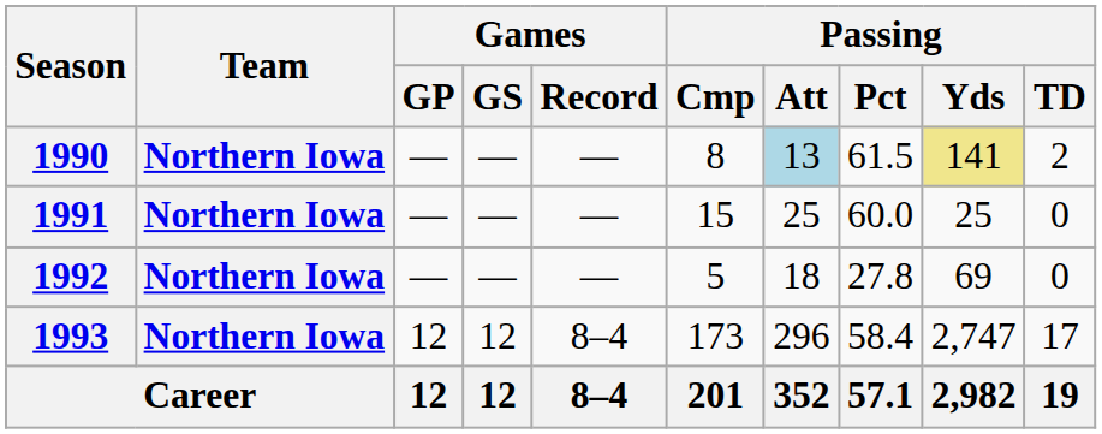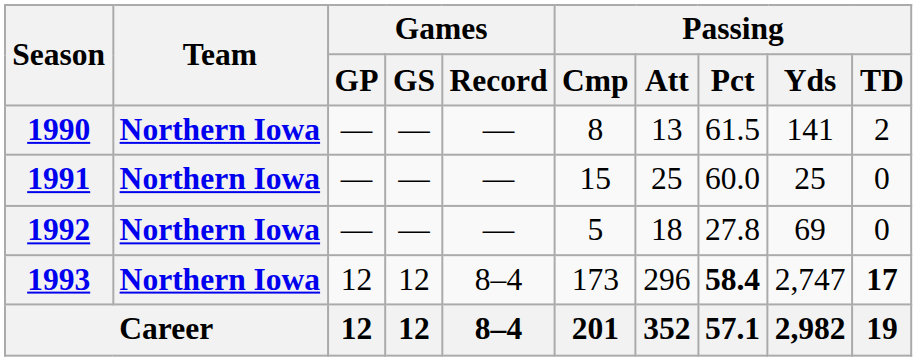 <table class="wikitable" style="text-align:center;">
 <tr>
 <th rowspan="2">Season</th>
 <th rowspan="2">Team</th>
 <th colspan="3">Games</th>
 <th colspan="5">Passing</th>
 </tr>
 <tr>
 <th>GP</th>
 <th>GS</th>
 <th>Record</th>
 <th>Cmp</th>
 <th>Att</th>
 <th>Pct</th>
 <th>Yds</th>
 <th>TD</th>
 </tr>
 <tr>
 <th><a href='#'>1990</a></th>
 <th><a href='#'>Northern Iowa</a></th>
 <td>—</td>
 <td>—</td>
 <td>—</td>
 <td>8</td>
-<td style="background: lightblue;">13</td>
+<td>13</td>
 <td>61.5</td>
-<td style="background: khaki;">141</td>
+<td>141</td>
 <td>2</td>
 </tr>
 <tr>
 <th><a href='#'>1991</a></th>
 <th><a href='#'>Northern Iowa</a></th>
 <td>—</td>
 <td>—</td>
 <td>—</td>
 <td>15</td>
 <td>25</td>
 <td>60.0</td>
 <td>25</td>
 <td>0</td>
 </tr>
 <tr>
 <th><a href='#'>1992</a></th>
 <th><a href='#'>Northern Iowa</a></th>
 <td>—</td>
 <td>—</td>
 <td>—</td>
 <td>5</td>
 <td>18</td>
 <td>27.8</td>
 <td>69</td>
 <td>0</td>
 </tr>
 <tr>
 <th><a href='#'>1993</a></th>
 <th><a href='#'>Northern Iowa</a></th>
 <td>12</td>
 <td>12</td>
 <td>8–4</td>
 <td>173</td>
 <td>296</td>
-<td>58.4</td>
+<td><strong>58.4</strong></td>
 <td>2,747</td>
-<td>17</td>
+<td><strong>17</strong></td>
 </tr>
 <tr>
 <th colspan="2">Career</th>
 <th>12</th>
 <th>12</th>
 <th>8–4</th>
 <th>201</th>
 <th>352</th>
 <th>57.1</th>
 <th>2,982</th>
 <th>19</th>
 </tr>
 </table>
